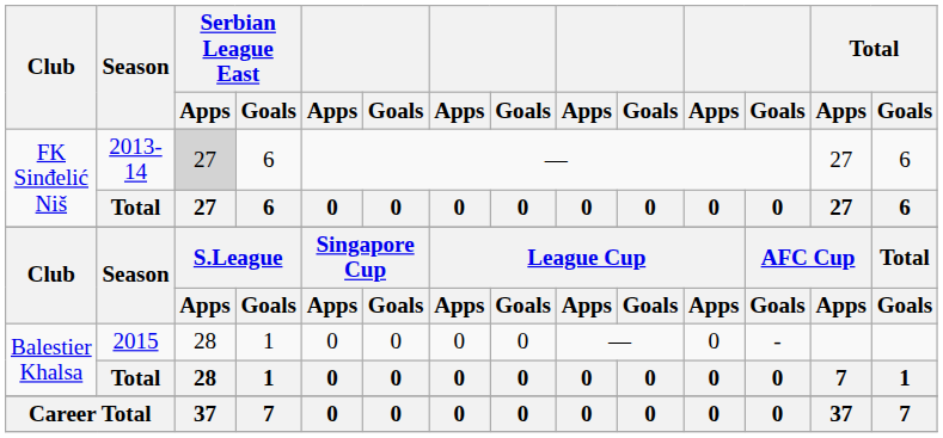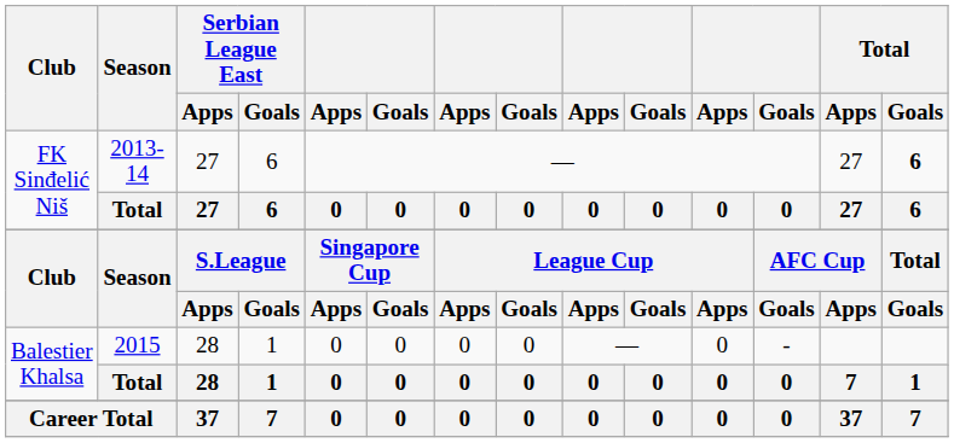 <table class="wikitable" style="text-align:center">
 <tr>
 <th rowspan="2">Club</th>
 <th rowspan="2">Season</th>
 <th colspan="2"><a href='#'>Serbian League East</a></th>
 <th colspan="2"></th>
 <th colspan="2"></th>
 <th colspan="2"></th>
 <th colspan="2"></th>
 <th colspan="2">Total</th>
 </tr>
 <tr>
 <th>Apps</th>
 <th>Goals</th>
 <th>Apps</th>
 <th>Goals</th>
 <th>Apps</th>
 <th>Goals</th>
 <th>Apps</th>
 <th>Goals</th>
 <th>Apps</th>
 <th>Goals</th>
 <th>Apps</th>
 <th>Goals</th>
 </tr>
 <tr>
 <td rowspan="2"><a href='#'>FK Sinđelić Niš</a></td>
 <td><a href='#'>2013-14</a></td>
-<td style="background: lightgrey;">27</td>
+<td>27</td>
 <td>6</td>
 <td colspan=8>—</td>
 <td>27</td>
-<td>6</td>
+<td><strong>6</strong></td>
 </tr>
 <tr>
 <th>Total</th>
 <th>27</th>
 <th>6</th>
 <th>0</th>
 <th>0</th>
 <th>0</th>
 <th>0</th>
 <th>0</th>
 <th>0</th>
 <th>0</th>
 <th>0</th>
 <th>27</th>
 <th>6</th>
 </tr>
 <tr>
 </tr>
 <tr>
 </tr>
 <tr>
 <th rowspan="2">Club</th>
 <th rowspan="2">Season</th>
 <th colspan="2"><a href='#'>S.League</a></th>
 <th colspan="2"><a href='#'>Singapore Cup</a></th>
 <th colspan="5"><a href='#'>League Cup</a></th>
 <th colspan="2"><a href='#'>AFC Cup</a></th>
 <th colspan="2">Total</th>
 </tr>
 <tr>
 <th>Apps</th>
 <th>Goals</th>
 <th>Apps</th>
 <th>Goals</th>
 <th>Apps</th>
 <th>Goals</th>
 <th>Apps</th>
 <th>Goals</th>
 <th>Apps</th>
 <th>Goals</th>
 <th>Apps</th>
 <th>Goals</th>
 </tr>
 <tr>
 <td rowspan="2"><a href='#'>Balestier Khalsa</a></td>
 <td><a href='#'>2015</a></td>
 <td>28</td>
 <td>1</td>
 <td>0</td>
 <td>0</td>
 <td>0</td>
 <td>0</td>
 <td colspan=2>—</td>
 <td>0</td>
 <td 0>-</td>
 <td -></td>
 </tr>
 <tr>
 <th>Total</th>
 <th>28</th>
 <th>1</th>
 <th>0</th>
 <th>0</th>
 <th>0</th>
 <th>0</th>
 <th>0</th>
 <th>0</th>
 <th>0</th>
 <th>0</th>
 <th>7</th>
 <th>1</th>
 </tr>
 <tr>
 </tr>
 <tr>
 <th colspan="2">Career Total</th>
 <th>37</th>
 <th>7</th>
 <th>0</th>
 <th>0</th>
 <th>0</th>
 <th>0</th>
 <th>0</th>
 <th>0</th>
 <th>0</th>
 <th>0</th>
 <th>37</th>
 <th>7</th>
 </tr>
 <tr>
 </tr>
 </table>
